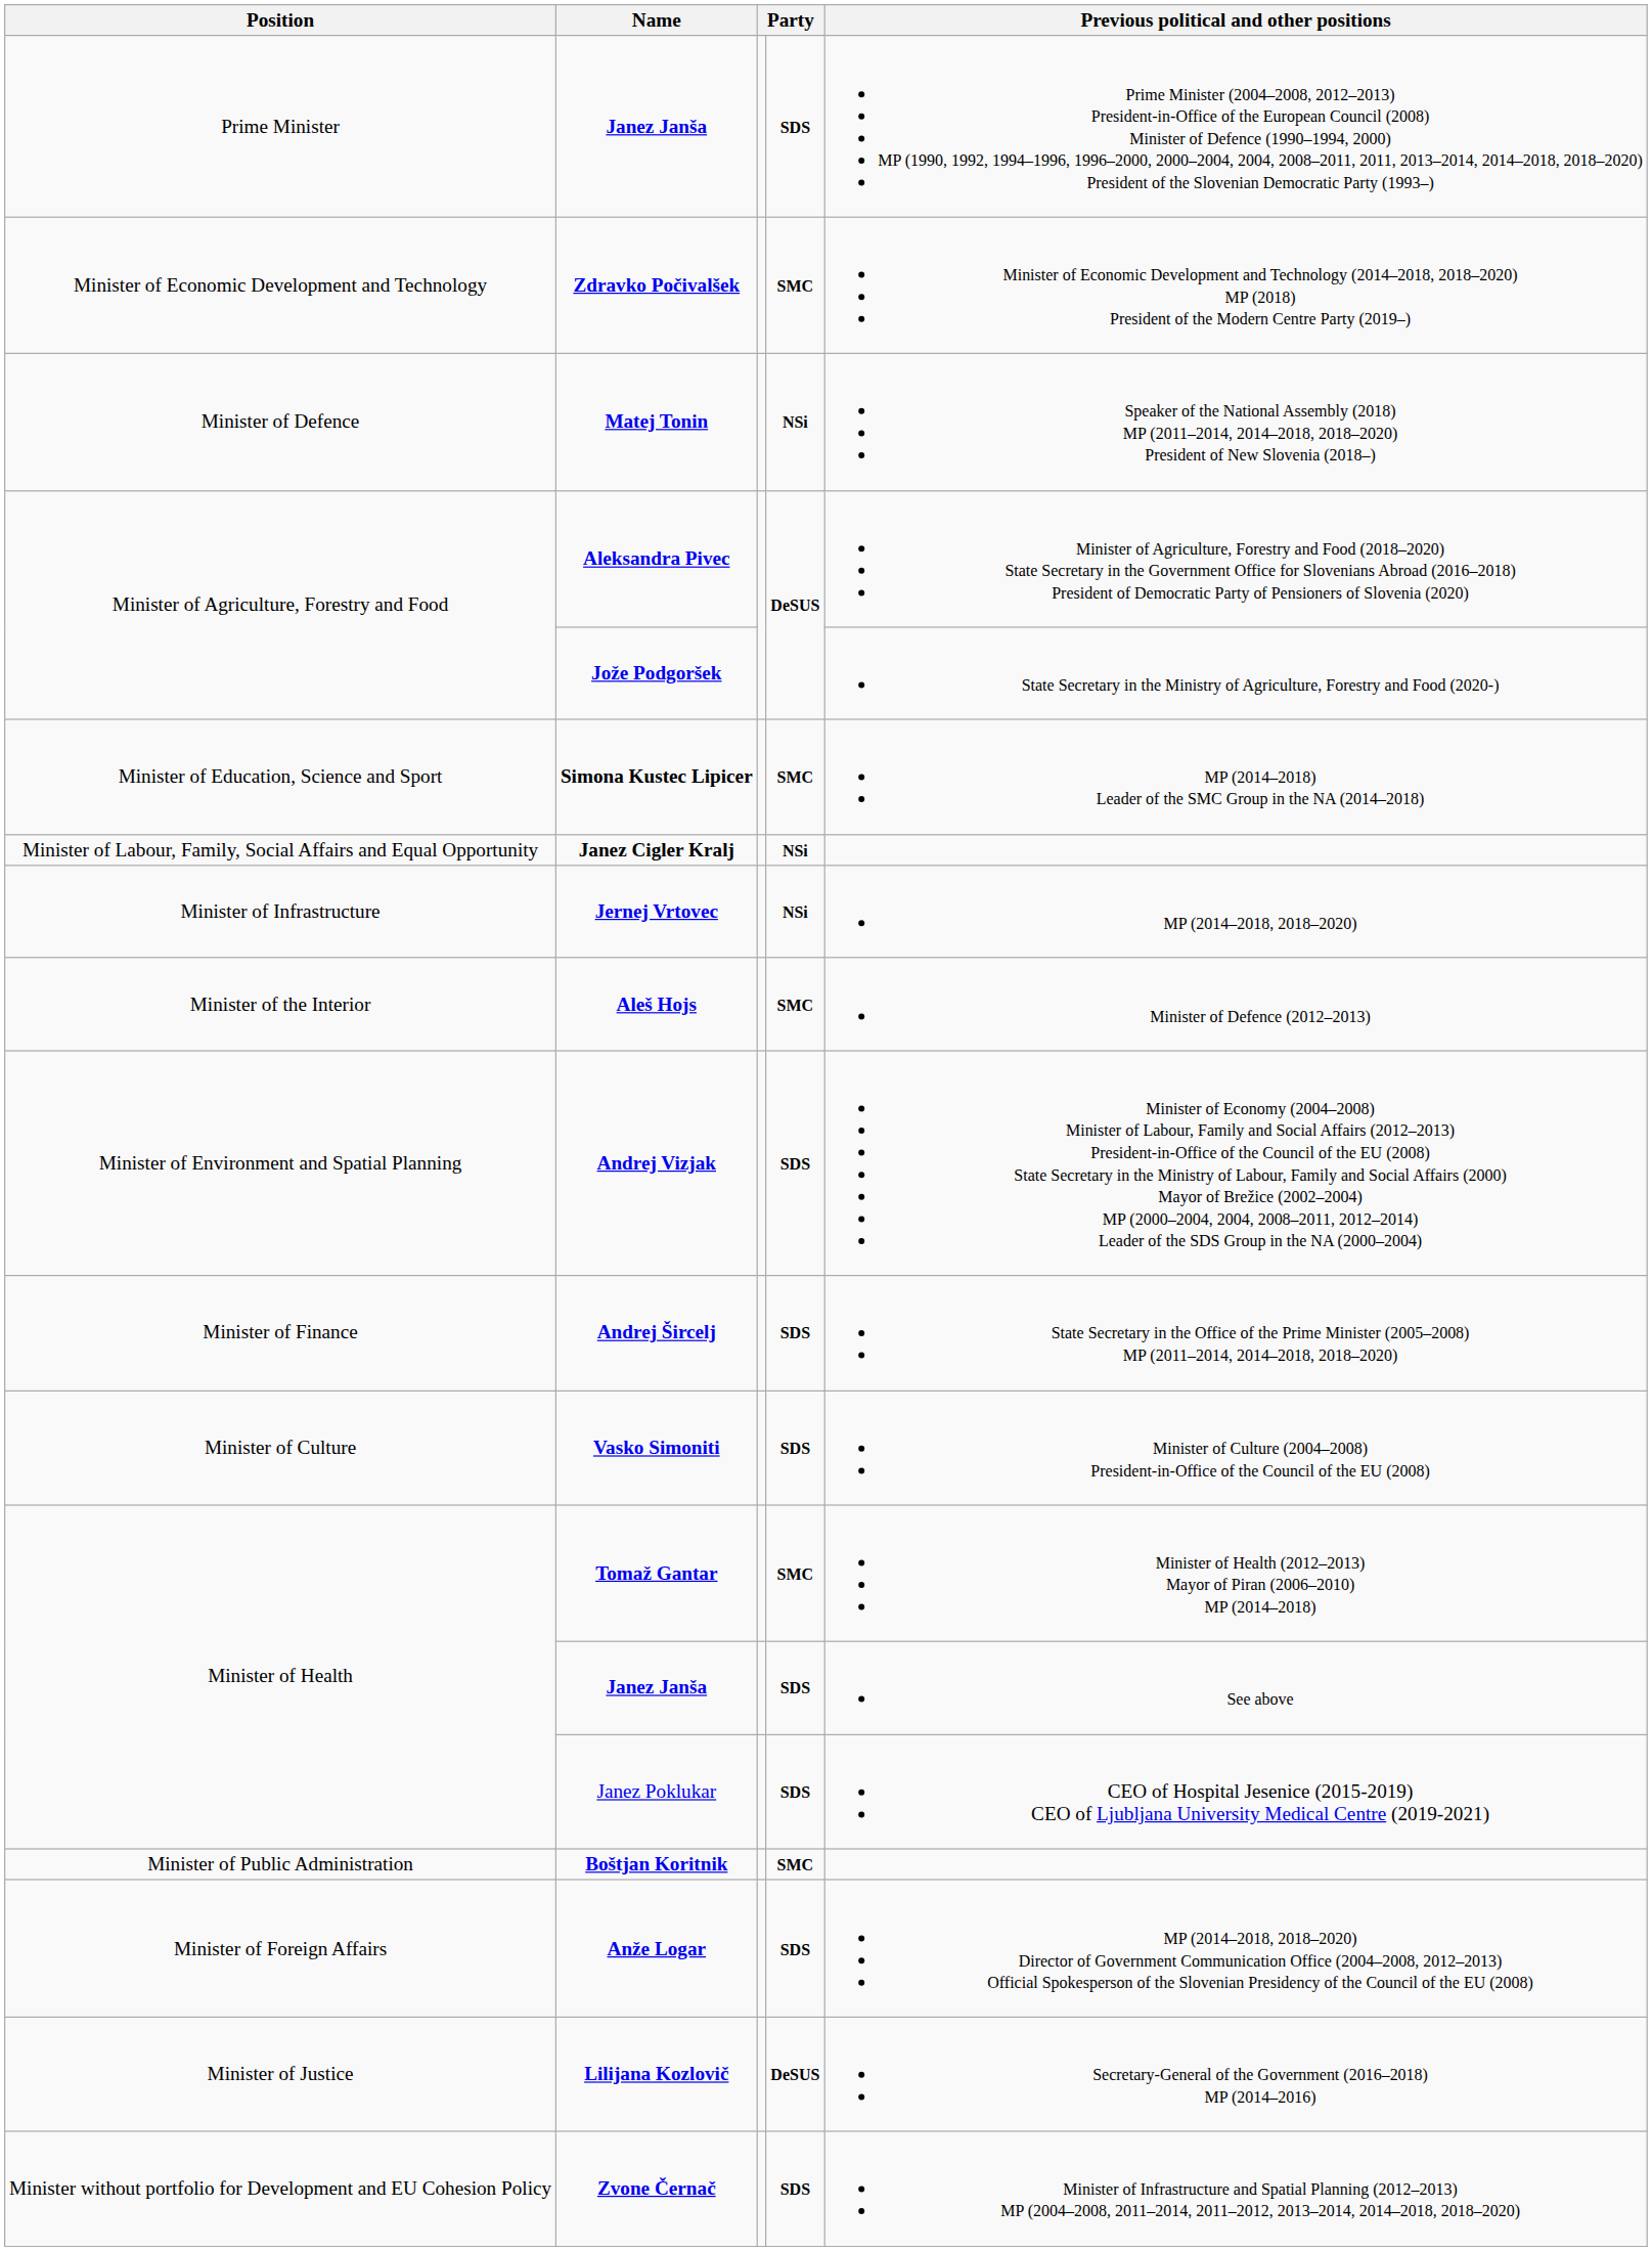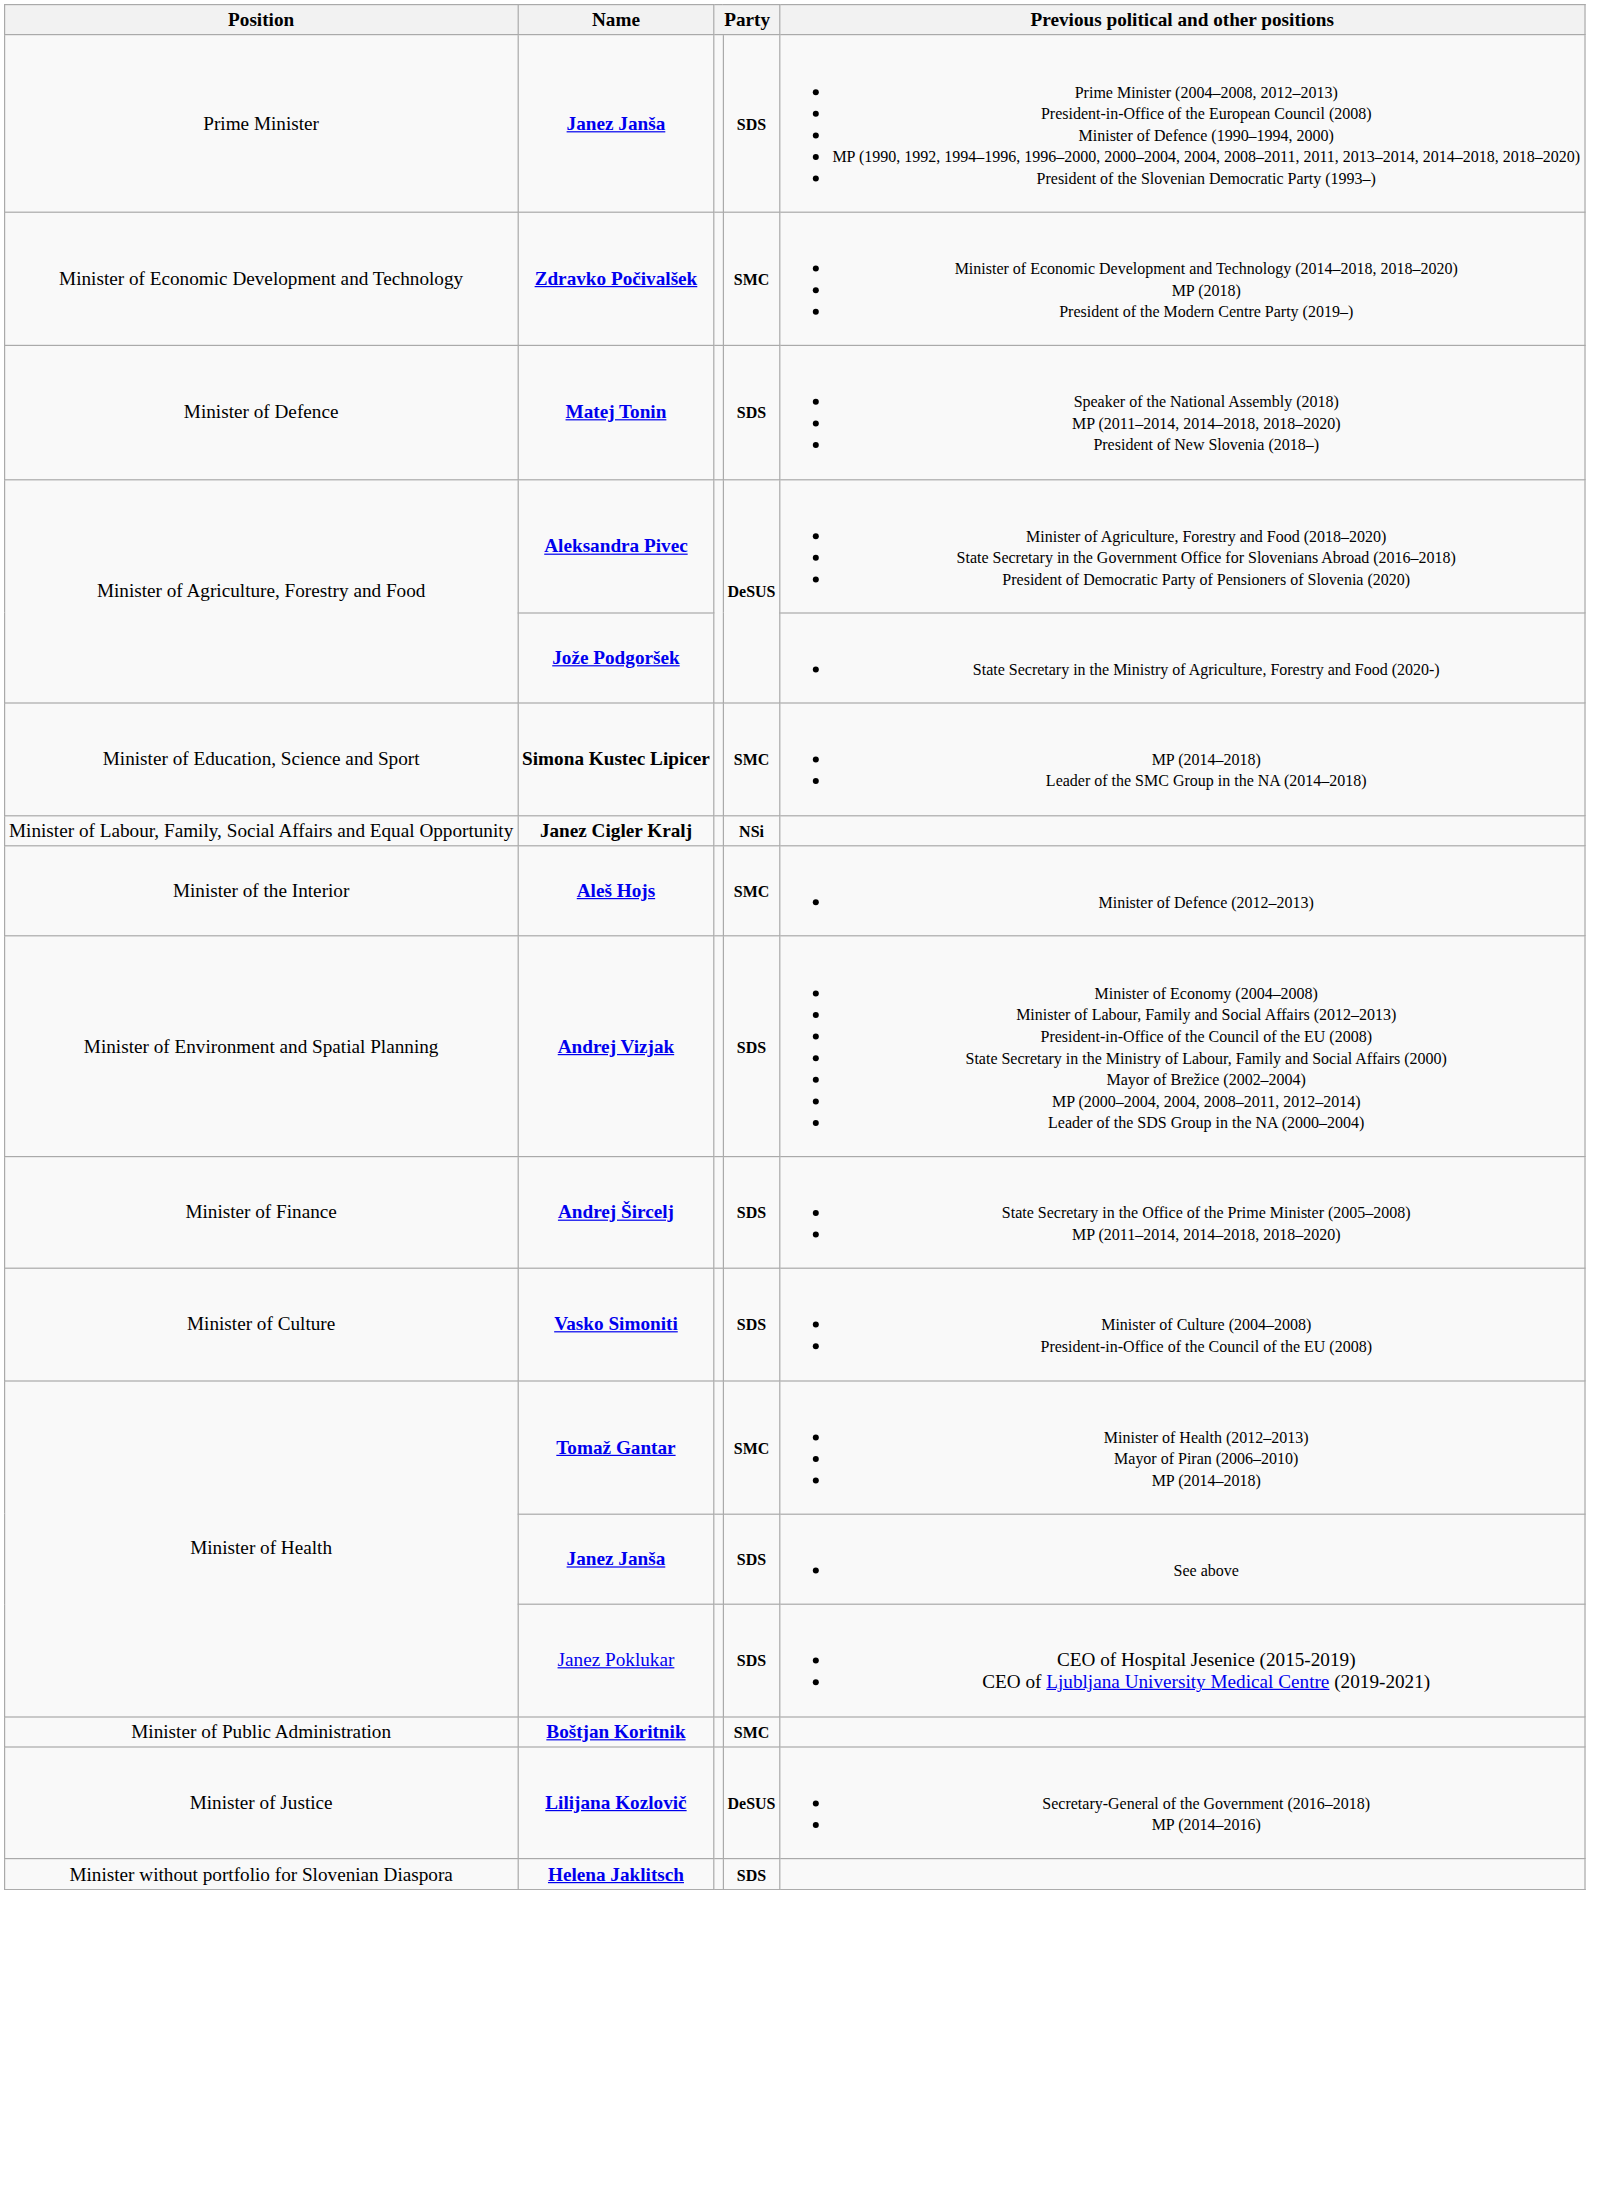 <table class="wikitable" style="text-align: center;">
 <tr>
 <th>Position</th>
 <th>Name</th>
 <th colspan="2">Party</th>
 <th>Previous political and other positions</th>
 </tr>
 <tr>
 <td>Prime Minister</td>
 <td><strong><a href='#'>Janez Janša</a></strong></td>
 <td style="background:"></td>
 <td><strong><small>SDS</small></strong></td>
 <td><br><ul><li><small>Prime Minister (2004–2008, 2012–2013)</small></li><li><small>President-in-Office of the European Council (2008)</small></li><li><small>Minister of Defence (1990–1994, 2000)</small></li><li><small>MP (1990, 1992, 1994–1996, 1996–2000, 2000–2004, 2004, 2008–2011, 2011, 2013–2014, 2014–2018, 2018–2020)</small></li><li><small>President of the Slovenian Democratic Party (1993–)</small></li></ul></td>
 </tr>
 <tr>
 <td>Minister of Economic Development and Technology</td>
 <td><strong><a href='#'>Zdravko Počivalšek</a></strong></td>
 <td style="background:"></td>
 <td><strong><small>SMC</small></strong></td>
 <td><br><ul><li><small>Minister of Economic Development and Technology (2014–2018, 2018–2020)</small></li><li><small>MP (2018)</small></li><li><small>President of the Modern Centre Party (2019–)</small></li></ul></td>
 </tr>
 <tr>
 <td>Minister of Defence</td>
 <td><strong><a href='#'>Matej Tonin</a></strong></td>
 <td style="background:"></td>
-<td><strong><small>NSi</small></strong></td>
+<td><strong><small>SDS</small></strong></td>
 <td><br><ul><li><small>Speaker of the National Assembly (2018)</small></li><li><small>MP (2011–2014, 2014–2018, 2018–2020)</small></li><li><small>President of New Slovenia (2018–)</small></li></ul></td>
 </tr>
 <tr>
 <td rowspan="2">Minister of Agriculture, Forestry and Food</td>
 <td><strong><a href='#'>Aleksandra Pivec</a></strong></td>
 <td rowspan="2" style="background:"></td>
 <td rowspan="2"><strong><small>DeSUS</small></strong></td>
 <td><br><ul><li><small>Minister of Agriculture, Forestry and Food (2018–2020)</small></li><li><small>State Secretary in the Government Office for Slovenians Abroad (2016–2018)</small></li><li><small>President of Democratic Party of Pensioners of Slovenia (2020)</small></li></ul></td>
 </tr>
 <tr>
 <td><strong><a href='#'>Jože Podgoršek</a></strong></td>
 <td><br><ul><li><small>State Secretary in the Ministry of Agriculture, Forestry and Food (2020-)</small></li></ul></td>
 </tr>
 <tr>
 <td>Minister of Education, Science and Sport</td>
 <td><strong>Simona Kustec Lipicer</strong></td>
 <td style="background:"></td>
 <td><strong><small>SMC</small></strong></td>
 <td><br><ul><li><small>MP (2014–2018)</small></li><li><small>Leader of the SMC Group in the NA (2014–2018)</small></li></ul></td>
 </tr>
 <tr>
 <td>Minister of Labour, Family, Social Affairs and Equal Opportunity</td>
 <td><strong>Janez Cigler Kralj</strong></td>
 <td style="background:"></td>
 <td><strong><small>NSi</small></strong></td>
 <td></td>
-</tr>
-<tr>
-<td>Minister of Infrastructure</td>
-<td><strong><a href='#'>Jernej Vrtovec</a></strong></td>
-<td style="background:"></td>
-<td><strong><small>NSi</small></strong></td>
-<td><br><ul><li><small>MP (2014–2018, 2018–2020)</small></li></ul></td>
 </tr>
 <tr>
 <td>Minister of the Interior</td>
 <td><strong><a href='#'>Aleš Hojs</a></strong></td>
 <td style="background:"></td>
 <td><strong><small>SMC</small></strong></td>
 <td><br><ul><li><small>Minister of Defence (2012–2013)</small></li></ul></td>
 </tr>
 <tr>
 <td>Minister of Environment and Spatial Planning</td>
 <td><strong><a href='#'>Andrej Vizjak</a></strong></td>
 <td style="background:"></td>
 <td><strong><small>SDS</small></strong></td>
 <td><br><ul><li><small>Minister of Economy (2004–2008)</small></li><li><small>Minister of Labour, Family and Social Affairs (2012–2013)</small></li><li><small>President-in-Office of the Council of the EU (2008)</small></li><li><small>State Secretary in the Ministry of Labour, Family and Social Affairs (2000)</small></li><li><small>Mayor of Brežice (2002–2004)</small></li><li><small>MP (2000–2004, 2004, 2008–2011, 2012–2014)</small></li><li><small>Leader of the SDS Group in the NA (2000–2004)</small></li></ul></td>
 </tr>
 <tr>
 <td>Minister of Finance</td>
 <td><strong><a href='#'>Andrej Šircelj</a></strong></td>
 <td style="background:"></td>
 <td><strong><small>SDS</small></strong></td>
 <td><br><ul><li><small>State Secretary in the Office of the Prime Minister (2005–2008)</small></li><li><small>MP (2011–2014, 2014–2018, 2018–2020)</small></li></ul></td>
 </tr>
 <tr>
 <td>Minister of Culture</td>
 <td><strong><a href='#'>Vasko Simoniti</a></strong></td>
 <td style="background:"></td>
 <td><strong><small>SDS</small></strong></td>
 <td><br><ul><li><small>Minister of Culture (2004–2008)</small></li><li><small>President-in-Office of the Council of the EU (2008)</small></li></ul></td>
 </tr>
 <tr>
 <td rowspan="3">Minister of Health</td>
 <td><strong><a href='#'>Tomaž Gantar</a></strong></td>
 <td style="background:"></td>
 <td><strong><small>SMC</small></strong></td>
 <td><br><ul><li><small>Minister of Health (2012–2013)</small></li><li><small>Mayor of Piran (2006–2010)</small></li><li><small>MP (2014–2018)</small></li></ul></td>
 </tr>
 <tr>
 <td><strong><a href='#'>Janez Janša</a></strong></td>
 <td></td>
 <td><strong><small>SDS</small></strong></td>
 <td><br><ul><li><small>See above</small></li></ul></td>
 </tr>
 <tr>
 <td><a href='#'>Janez Poklukar</a></td>
 <td></td>
 <td><strong><small>SDS</small></strong></td>
 <td><br><ul><li>CEO of Hospital Jesenice (2015-2019)</li><li>CEO of <a href='#'>Ljubljana University Medical Centre</a> (2019-2021)</li></ul></td>
 </tr>
 <tr>
 <td>Minister of Public Administration</td>
 <td><strong><a href='#'>Boštjan Koritnik</a></strong></td>
 <td style="background:"></td>
 <td><strong><small>SMC</small></strong></td>
 <td></td>
 </tr>
 <tr>
-<td>Minister of Foreign Affairs</td>
-<td><strong><a href='#'>Anže Logar</a></strong></td>
-<td style="background:"></td>
-<td><strong><small>SDS</small></strong></td>
-<td><br><ul><li><small>MP (2014–2018, 2018–2020)</small></li><li><small>Director of Government Communication Office (2004–2008, 2012–2013)</small></li><li><small>Official Spokesperson of the Slovenian Presidency of the Council of the EU (2008)</small></li></ul></td>
-</tr>
-<tr>
 <td>Minister of Justice</td>
 <td><strong><a href='#'>Lilijana Kozlovič</a></strong></td>
 <td style="background:"></td>
 <td><strong><small>DeSUS</small></strong></td>
 <td><br><ul><li><small>Secretary-General of the Government (2016–2018)</small></li><li><small>MP (2014–2016)</small></li></ul></td>
 </tr>
 <tr>
-<td>Minister without portfolio for Development and EU Cohesion Policy</td>
-<td><strong><a href='#'>Zvone Černač</a></strong></td>
+<td>Minister without portfolio for Slovenian Diaspora</td>
+<td><strong><a href='#'>Helena Jaklitsch</a></strong></td>
 <td style="background:"></td>
 <td><strong><small>SDS</small></strong></td>
-<td><br><ul><li><small>Minister of Infrastructure and Spatial Planning (2012–2013)</small></li><li><small>MP (2004–2008, 2011–2014, 2011–2012, 2013–2014, 2014–2018, 2018–2020)</small></li></ul></td>
+<td></td>
 </tr>
 <tr>
 </tr>
 </table>
